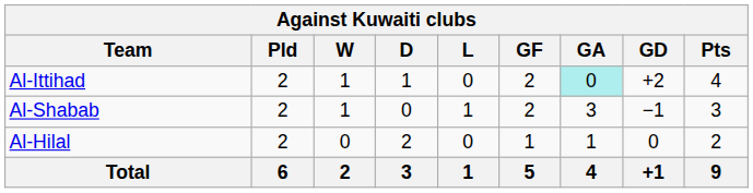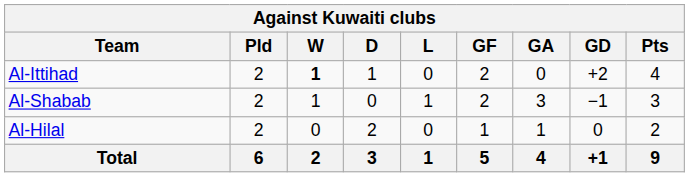 <table class="wikitable" style="width:70%; text-align:center;">
 <tr>
 <th colspan=9>Against Kuwaiti clubs</th>
 </tr>
 <tr>
 <th style="width:20%;">Team</th>
 <th width=5%>Pld</th>
 <th width=5%>W</th>
 <th width=5%>D</th>
 <th width=5%>L</th>
 <th width=5%>GF</th>
 <th width=5%>GA</th>
 <th width=5%>GD</th>
 <th width=5%>Pts</th>
 </tr>
 <tr>
 <td align=left> <a href='#'>Al-Ittihad</a></td>
 <td>2</td>
-<td>1</td>
+<td><strong>1</strong></td>
 <td>1</td>
 <td>0</td>
 <td>2</td>
-<td style="background: paleturquoise;">0</td>
+<td>0</td>
 <td>+2</td>
 <td>4</td>
 </tr>
 <tr>
 <td align=left> <a href='#'>Al-Shabab</a></td>
 <td>2</td>
 <td>1</td>
 <td>0</td>
 <td>1</td>
 <td>2</td>
 <td>3</td>
 <td>−1</td>
 <td>3</td>
 </tr>
 <tr>
 <td align=left> <a href='#'>Al-Hilal</a></td>
 <td>2</td>
 <td>0</td>
 <td>2</td>
 <td>0</td>
 <td>1</td>
 <td>1</td>
 <td>0</td>
 <td>2</td>
 </tr>
 <tr>
 <th>Total</th>
 <th>6</th>
 <th>2</th>
 <th>3</th>
 <th>1</th>
 <th>5</th>
 <th>4</th>
 <th>+1</th>
 <th>9</th>
 </tr>
 </table>
